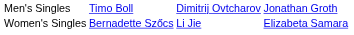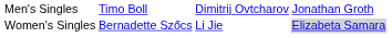 <table>
 <tr>
 <td>Men's Singles <br></td>
 <td> <a href='#'>Timo Boll</a></td>
 <td> <a href='#'>Dimitrij Ovtcharov</a></td>
 <td> <a href='#'>Jonathan Groth</a></td>
 </tr>
 <tr>
 <td>Women's Singles <br></td>
 <td> <a href='#'>Bernadette Szőcs</a></td>
 <td> <a href='#'>Li Jie</a></td>
-<td> <a href='#'>Elizabeta Samara</a></td>
+<td style="background: lightgrey;"> <a href='#'>Elizabeta Samara</a></td>
 </tr>
 <tr>
 </tr>
 </table>
